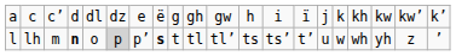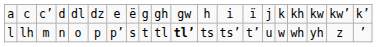 <table class="wikitable" style="text-align: center;">
 <tr>
 <td>a</td>
 <td>c</td>
 <td>c’</td>
 <td>d</td>
 <td>dl</td>
 <td>dz</td>
 <td>e</td>
 <td>ë</td>
 <td>g</td>
 <td>gh</td>
 <td>gw</td>
 <td>h</td>
 <td>i</td>
 <td>ï</td>
 <td>j</td>
 <td>k</td>
 <td>kh</td>
 <td>kw</td>
 <td>kw’</td>
 <td>k’</td>
 </tr>
 <tr>
 <td>l</td>
 <td>lh</td>
 <td>m</td>
-<td><strong>n</strong></td>
+<td>n</td>
 <td>o</td>
-<td style="background: lightgrey;">p</td>
+<td>p</td>
 <td>p’</td>
-<td><strong>s</strong></td>
+<td>s</td>
 <td>t</td>
 <td>tl</td>
-<td>tl’</td>
+<td><strong>tl’</strong></td>
 <td>ts</td>
 <td>ts’</td>
 <td>t’</td>
 <td>u</td>
 <td>w</td>
 <td>wh</td>
 <td>yh</td>
 <td>z</td>
 <td>’</td>
 </tr>
 </table>
